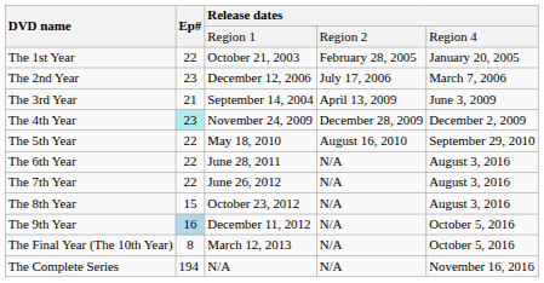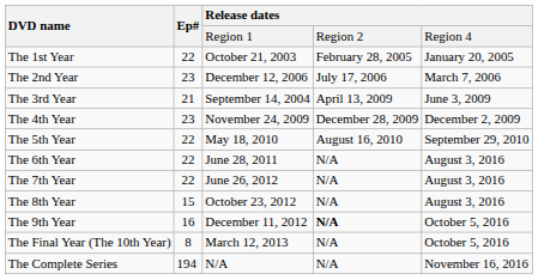 <table class="wikitable">
 <tr style="background:#f2f2f2;">
 <td rowspan="2"><div><strong>DVD name</strong></div></td>
 <td rowspan="2" style="background:#f2f2f2;"><div><strong>Ep#</strong></div></td>
 <td colspan="3" style="background:#f2f2f2;"><div><strong>Release dates</strong></div></td>
 </tr>
 <tr style="background:#f2f2f2;">
 <td><div>Region 1</div></td>
 <td style="background:#f2f2f2;"><div>Region 2</div></td>
 <td style="background:#f2f2f2;"><div>Region 4</div></td>
 </tr>
 <tr>
 <td>The 1st Year</td>
 <td style="text-align:center;">22</td>
 <td>October 21, 2003</td>
 <td>February 28, 2005</td>
 <td>January 20, 2005</td>
 </tr>
 <tr>
 <td>The 2nd Year</td>
 <td style="text-align:center;">23</td>
 <td>December 12, 2006</td>
 <td>July 17, 2006</td>
 <td>March 7, 2006</td>
 </tr>
 <tr>
 <td>The 3rd Year</td>
 <td style="text-align:center;">21</td>
 <td>September 14, 2004</td>
 <td>April 13, 2009</td>
 <td>June 3, 2009</td>
 </tr>
 <tr>
 <td>The 4th Year</td>
-<td style="background: paleturquoise; text-align:center;">23</td>
+<td style="text-align:center;">23</td>
 <td>November 24, 2009</td>
 <td>December 28, 2009</td>
 <td>December 2, 2009</td>
 </tr>
 <tr>
 <td>The 5th Year</td>
 <td style="text-align:center;">22</td>
 <td>May 18, 2010</td>
 <td>August 16, 2010</td>
 <td>September 29, 2010</td>
 </tr>
 <tr>
 <td>The 6th Year</td>
 <td style="text-align:center;">22</td>
 <td>June 28, 2011</td>
 <td>N/A</td>
 <td>August 3, 2016</td>
 </tr>
 <tr>
 <td>The 7th Year</td>
 <td style="text-align:center;">22</td>
 <td>June 26, 2012</td>
 <td>N/A</td>
 <td>August 3, 2016</td>
 </tr>
 <tr>
 <td>The 8th Year</td>
 <td style="text-align:center;">15</td>
 <td>October 23, 2012</td>
 <td>N/A</td>
 <td>August 3, 2016</td>
 </tr>
 <tr>
 <td>The 9th Year</td>
-<td style="background: lightblue; text-align:center;">16</td>
+<td style="text-align:center;">16</td>
 <td>December 11, 2012</td>
-<td>N/A</td>
+<td><strong>N/A</strong></td>
 <td>October 5, 2016</td>
 </tr>
 <tr>
 <td>The Final Year (The 10th Year)</td>
 <td style="text-align:center;">8</td>
 <td>March 12, 2013</td>
 <td>N/A</td>
 <td>October 5, 2016</td>
 </tr>
 <tr>
 <td>The Complete Series</td>
 <td>194</td>
 <td>N/A</td>
 <td>N/A</td>
 <td>November 16, 2016</td>
 </tr>
 </table>
